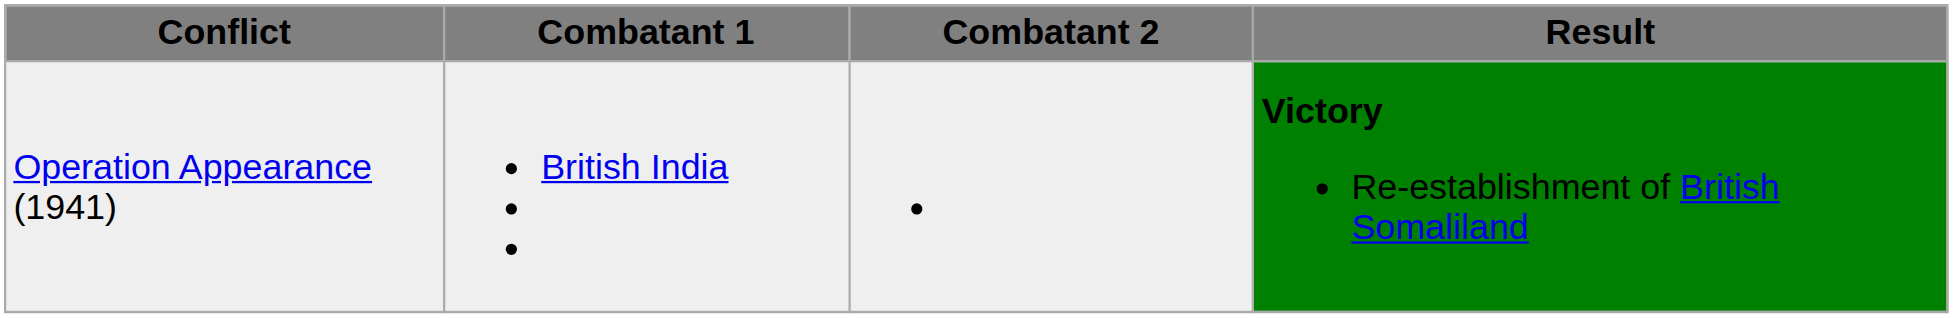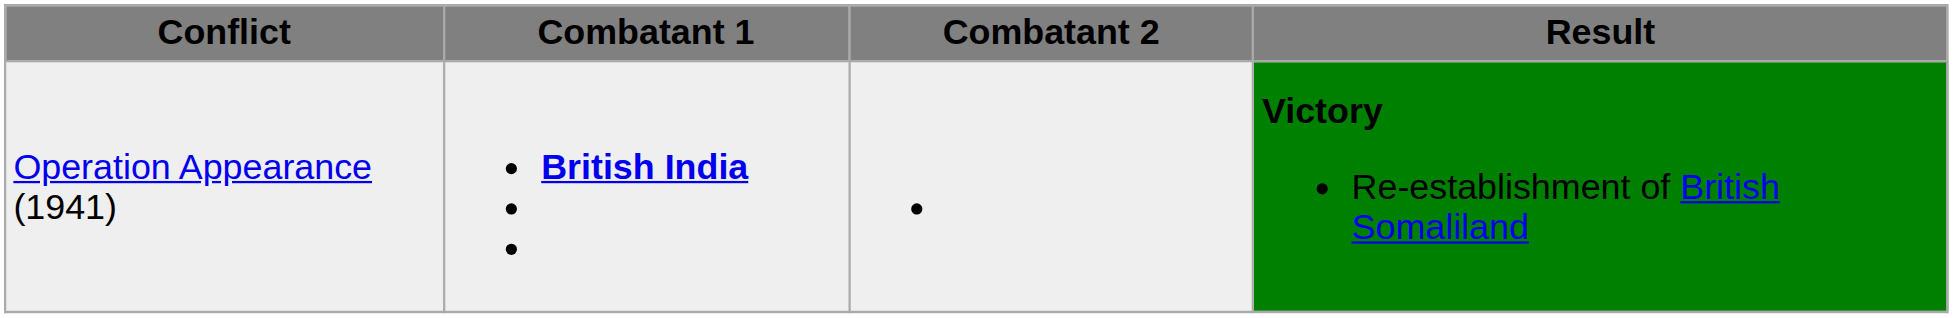 <table class="wikitable">
 <tr>
 <th style="background:grey" width="190"><span>Conflict</span></th>
 <th style="background:grey" width="175"><span>Combatant 1</span></th>
 <th style="background:grey" width="175"><span>Combatant 2</span></th>
 <th style="background:grey" width="305"><span>Result</span></th>
 </tr>
 <tr>
 <td style="background:#efefef"><a href='#'>Operation Appearance</a><br>(1941)</td>
-<td style="background:#efefef"><br><ul><li> <a href='#'>British India</a></li><li></li><li></li></ul></td>
+<td style="background:#efefef"><strong><br><ul><li> <a href='#'>British India</a></li><li></li><li></li></ul></strong></td>
 <td style="background:#efefef"><br><ul><li></li></ul></td>
 <td style="background:Green"><strong>Victory</strong><br><ul><li>Re-establishment of <a href='#'>British Somaliland</a></li></ul></td>
 </tr>
 <tr>
 </tr>
 </table>
